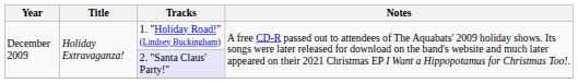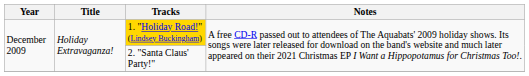 <table class="wikitable">
 <tr>
 <th><strong>Year</strong></th>
 <th><strong>Title</strong></th>
 <th><strong>Tracks</strong></th>
 <th><strong>Notes</strong></th>
 </tr>
 <tr>
 <td rowspan=2>December 2009</td>
 <td rowspan=2><em>Holiday Extravaganza!</em></td>
-<td>1. "<a href='#'>Holiday Road!</a>" <small>(<a href='#'>Lindsey Buckingham</a>)</small></td>
+<td style="background: gold;">1. "<a href='#'>Holiday Road!</a>" <small>(<a href='#'>Lindsey Buckingham</a>)</small></td>
 <td rowspan=2>A free <a href='#'>CD-R</a> passed out to attendees of The Aquabats' 2009 holiday shows. Its songs were later released for download on the band's website and much later appeared on their 2021 Christmas EP <em>I Want a Hippopotamus for Christmas Too!</em>.</td>
 </tr>
 <tr>
-<td style="background: lavender;">2. "Santa Claus' Party!"</td>
+<td>2. "Santa Claus' Party!"</td>
 </tr>
 <tr>
 </tr>
 </table>
